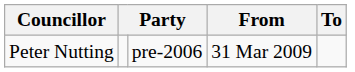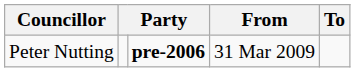 <table class=wikitable>
 <tr>
 <th>Councillor</th>
 <th colspan=2>Party</th>
 <th>From</th>
 <th>To</th>
 </tr>
 <tr>
 <td>Peter Nutting</td>
 <td></td>
-<td align=right>pre-2006</td>
+<td align=right><strong>pre-2006</strong></td>
 <td align=right>31 Mar 2009</td>
 </tr>
 </table>
